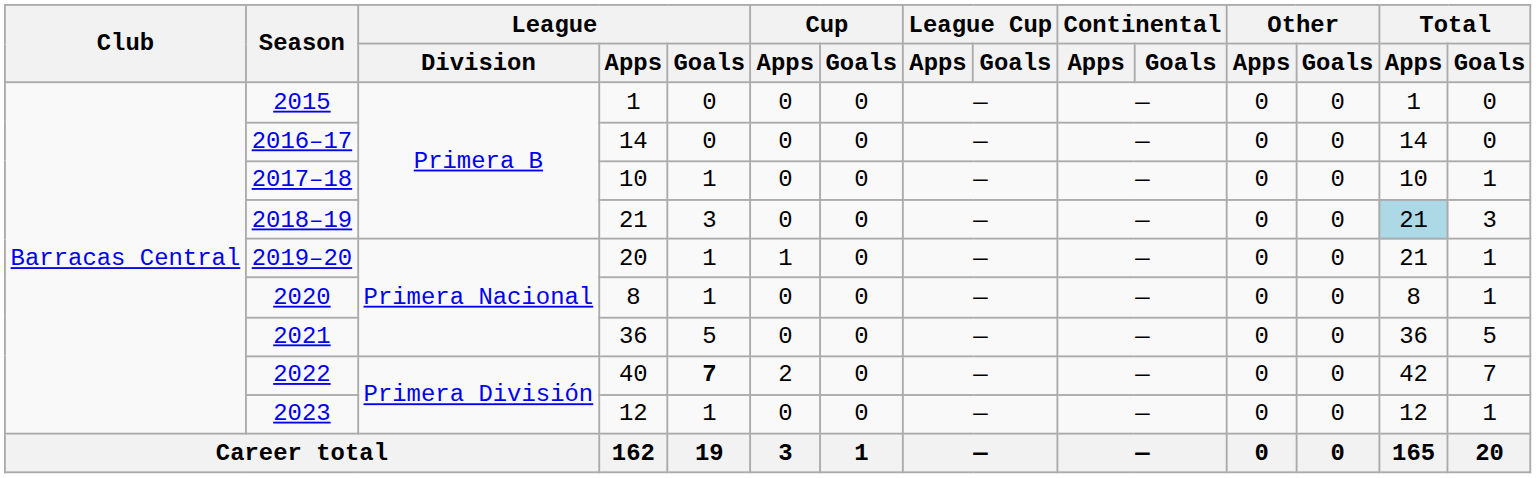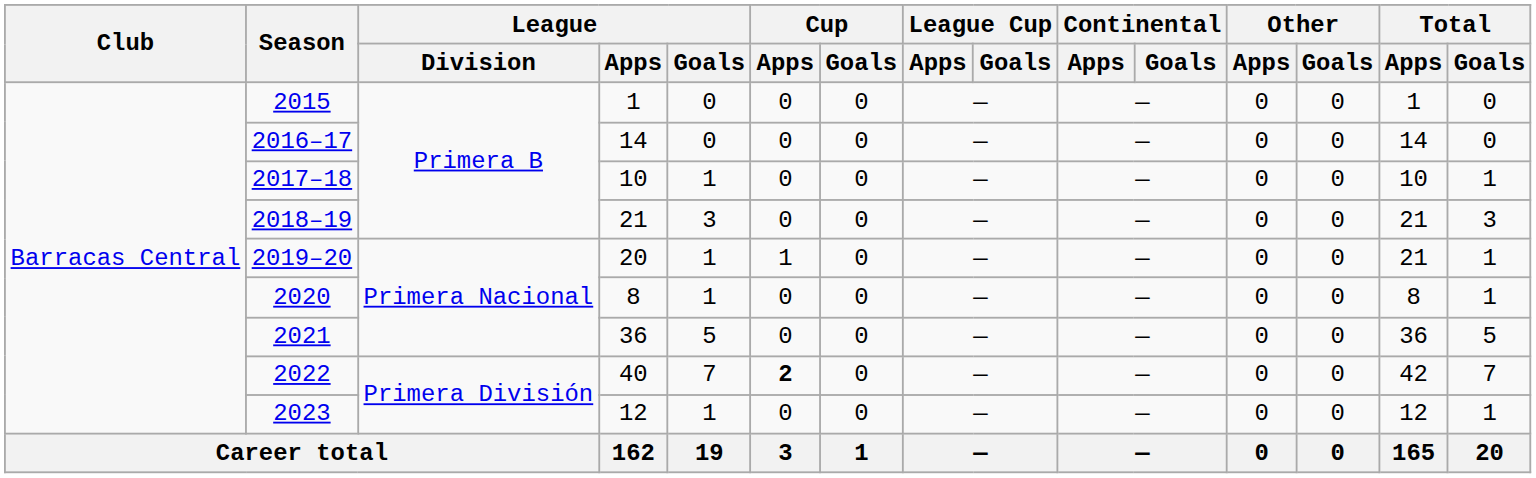 <table class="wikitable" style="text-align:center">
 <tr>
 <th rowspan="2">Club</th>
 <th rowspan="2">Season</th>
 <th colspan="3">League</th>
 <th colspan="2">Cup</th>
 <th colspan="2">League Cup</th>
 <th colspan="2">Continental</th>
 <th colspan="2">Other</th>
 <th colspan="2">Total</th>
 </tr>
 <tr>
 <th>Division</th>
 <th>Apps</th>
 <th>Goals</th>
 <th>Apps</th>
 <th>Goals</th>
 <th>Apps</th>
 <th>Goals</th>
 <th>Apps</th>
 <th>Goals</th>
 <th>Apps</th>
 <th>Goals</th>
 <th>Apps</th>
 <th>Goals</th>
 </tr>
 <tr>
 <td rowspan="9"><a href='#'>Barracas Central</a></td>
 <td><a href='#'>2015</a></td>
 <td rowspan="4"><a href='#'>Primera B</a></td>
 <td>1</td>
 <td>0</td>
 <td>0</td>
 <td>0</td>
 <td colspan="2">—</td>
 <td colspan="2">—</td>
 <td>0</td>
 <td>0</td>
 <td>1</td>
 <td>0</td>
 </tr>
 <tr>
 <td><a href='#'>2016–17</a></td>
 <td>14</td>
 <td>0</td>
 <td>0</td>
 <td>0</td>
 <td colspan="2">—</td>
 <td colspan="2">—</td>
 <td>0</td>
 <td>0</td>
 <td>14</td>
 <td>0</td>
 </tr>
 <tr>
 <td><a href='#'>2017–18</a></td>
 <td>10</td>
 <td>1</td>
 <td>0</td>
 <td>0</td>
 <td colspan="2">—</td>
 <td colspan="2">—</td>
 <td>0</td>
 <td>0</td>
 <td>10</td>
 <td>1</td>
 </tr>
 <tr>
 <td><a href='#'>2018–19</a></td>
 <td>21</td>
 <td>3</td>
 <td>0</td>
 <td>0</td>
 <td colspan="2">—</td>
 <td colspan="2">—</td>
 <td>0</td>
 <td>0</td>
-<td style="background: lightblue;">21</td>
+<td>21</td>
 <td>3</td>
 </tr>
 <tr>
 <td><a href='#'>2019–20</a></td>
 <td rowspan="3"><a href='#'>Primera Nacional</a></td>
 <td>20</td>
 <td>1</td>
 <td>1</td>
 <td>0</td>
 <td colspan="2">—</td>
 <td colspan="2">—</td>
 <td>0</td>
 <td>0</td>
 <td>21</td>
 <td>1</td>
 </tr>
 <tr>
 <td><a href='#'>2020</a></td>
 <td>8</td>
 <td>1</td>
 <td>0</td>
 <td>0</td>
 <td colspan="2">—</td>
 <td colspan="2">—</td>
 <td>0</td>
 <td>0</td>
 <td>8</td>
 <td>1</td>
 </tr>
 <tr>
 <td><a href='#'>2021</a></td>
 <td>36</td>
 <td>5</td>
 <td>0</td>
 <td>0</td>
 <td colspan="2">—</td>
 <td colspan="2">—</td>
 <td>0</td>
 <td>0</td>
 <td>36</td>
 <td>5</td>
 </tr>
 <tr>
 <td><a href='#'>2022</a></td>
 <td rowspan="2"><a href='#'>Primera División</a></td>
 <td>40</td>
-<td><strong>7</strong></td>
-<td>2</td>
+<td>7</td>
+<td><strong>2</strong></td>
 <td>0</td>
 <td colspan="2">—</td>
 <td colspan="2">—</td>
 <td>0</td>
 <td>0</td>
 <td>42</td>
 <td>7</td>
 </tr>
 <tr>
 <td><a href='#'>2023</a></td>
 <td>12</td>
 <td>1</td>
 <td>0</td>
 <td>0</td>
 <td colspan="2">—</td>
 <td colspan="2">—</td>
 <td>0</td>
 <td>0</td>
 <td>12</td>
 <td>1</td>
 </tr>
 <tr>
 <th colspan="3">Career total</th>
 <th>162</th>
 <th>19</th>
 <th>3</th>
 <th>1</th>
 <th colspan="2">—</th>
 <th colspan="2">—</th>
 <th>0</th>
 <th>0</th>
 <th>165</th>
 <th>20</th>
 </tr>
 </table>
